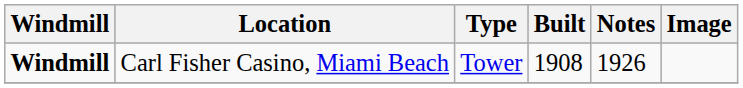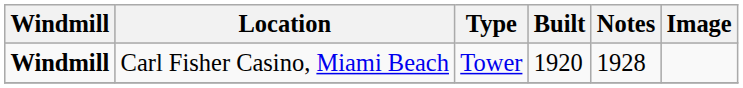 <table class="wikitable">
 <tr>
 <th>Windmill</th>
 <th>Location</th>
 <th>Type</th>
 <th>Built</th>
 <th>Notes</th>
 <th>Image</th>
 </tr>
 <tr>
 <td><strong>Windmill</strong></td>
 <td>Carl Fisher Casino, <a href='#'>Miami Beach</a></td>
 <td><a href='#'>Tower</a></td>
-<td>1908</td>
-<td>1926</td>
+<td>1920</td>
+<td>1928</td>
 <td></td>
 </tr>
 <tr>
 </tr>
 </table>
